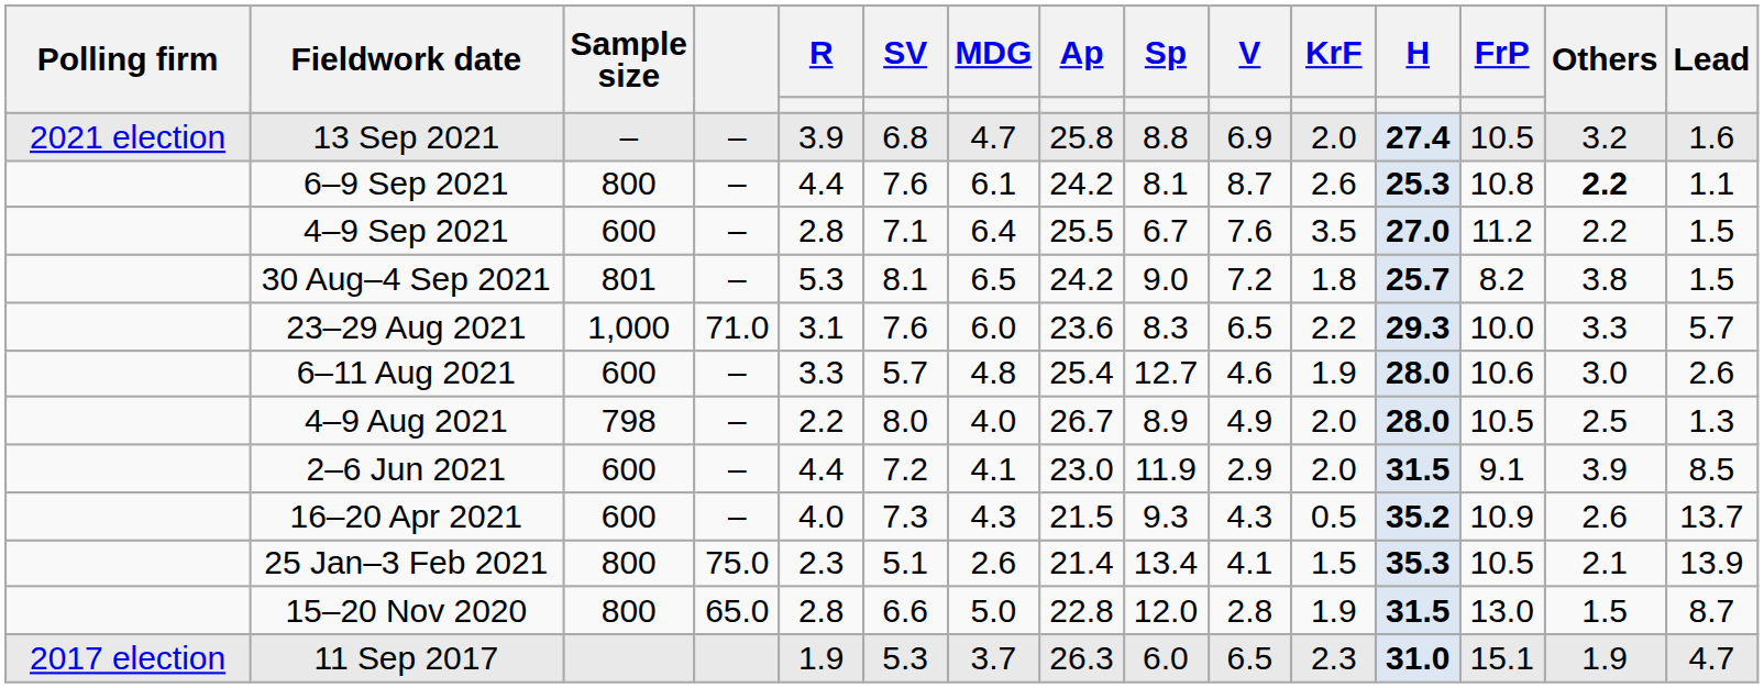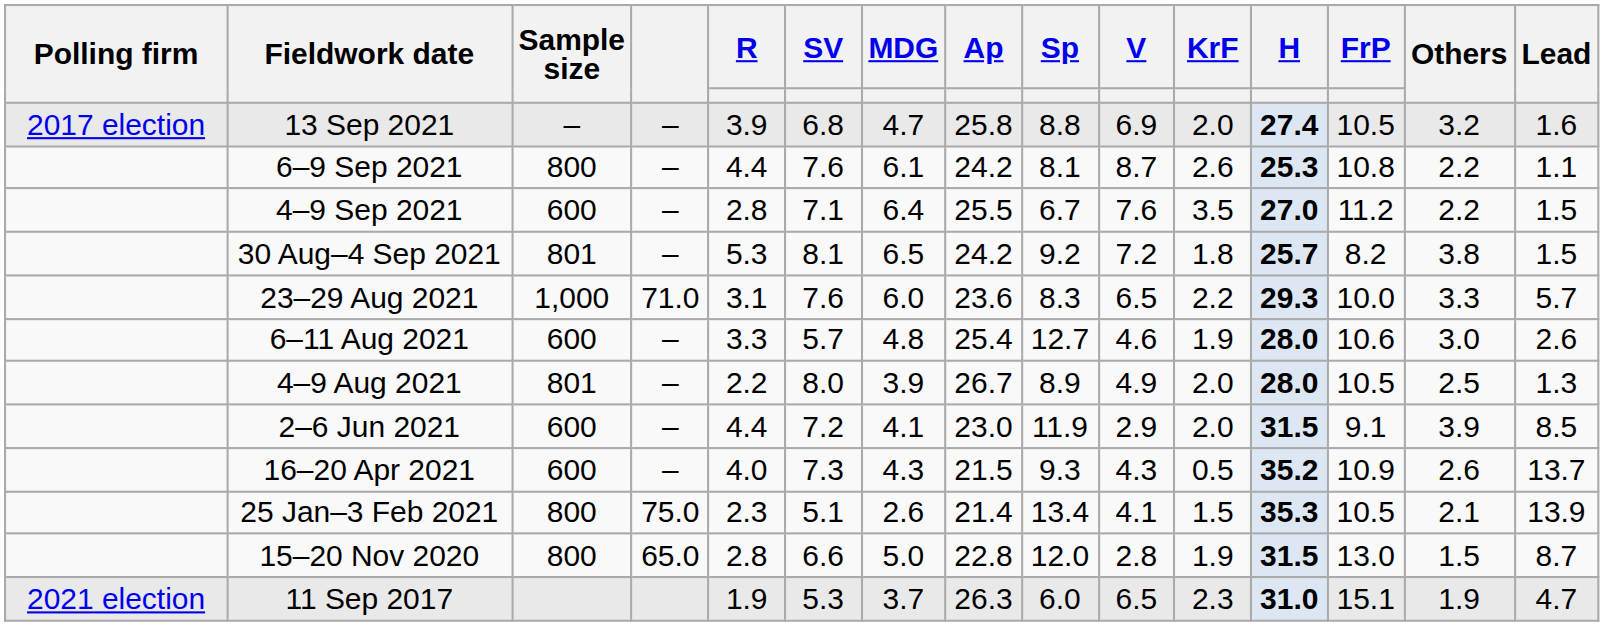 <table class="wikitable mw-collapsible sortable" style="text-align:center;font-size:90%;line-height:14px;">
 <tr style="height:40px;">
 <th rowspan="2" style="width:100px;">Polling firm</th>
 <th rowspan="2" style="width:130px;">Fieldwork date</th>
 <th rowspan="2" style="width:35px;">Sample<br>size</th>
 <th rowspan="2" style="width:30px;"></th>
 <th class="unsortable" style="width:30px;"><a href='#'>R</a></th>
 <th class="unsortable" style="width:30px;"><a href='#'>SV</a></th>
 <th class="unsortable" style="width:30px;"><a href='#'>MDG</a></th>
 <th class="unsortable" style="width:30px;"><a href='#'>Ap</a></th>
 <th class="unsortable" style="width:30px;"><a href='#'>Sp</a></th>
 <th class="unsortable" style="width:30px;"><a href='#'>V</a></th>
 <th class="unsortable" style="width:30px;"><a href='#'>KrF</a></th>
 <th class="unsortable" style="width:30px;"><a href='#'>H</a></th>
 <th class="unsortable" style="width:30px;"><a href='#'>FrP</a></th>
 <th class="unsortable" style="width:20px;" rowspan="2">Others</th>
 <th rowspan="2" style="width:30px;">Lead</th>
 </tr>
 <tr>
 <th style="background:"></th>
 <th style="background:"></th>
 <th style="background:"></th>
 <th style="background:"></th>
 <th style="background:"></th>
 <th style="background:"></th>
 <th style="background:"></th>
 <th style="background:"></th>
 <th style="background:"></th>
 </tr>
 <tr style="background:#E9E9E9;">
-<td><a href='#'>2021 election</a></td>
+<td><a href='#'>2017 election</a></td>
 <td data-sort-value="2021-09-13">13 Sep 2021</td>
 <td>–</td>
 <td>–</td>
 <td>3.9</td>
 <td>6.8</td>
 <td>4.7</td>
 <td>25.8</td>
 <td>8.8</td>
 <td>6.9</td>
 <td>2.0</td>
 <td style="background:#DCE7F3;"><strong>27.4</strong></td>
 <td>10.5</td>
 <td>3.2</td>
 <td style="background:">1.6</td>
 </tr>
 <tr>
 <td></td>
 <td data-sort-value="2021-09-09">6–9 Sep 2021</td>
 <td>800</td>
 <td>–</td>
 <td>4.4</td>
 <td>7.6</td>
 <td>6.1</td>
 <td>24.2</td>
 <td>8.1</td>
 <td>8.7</td>
 <td>2.6</td>
 <td style="background:#DCE7F3;"><strong>25.3</strong></td>
 <td>10.8</td>
-<td><strong>2.2</strong></td>
+<td>2.2</td>
 <td style="background:">1.1</td>
 </tr>
 <tr>
 <td></td>
 <td data-sort-value="2021-09-09">4–9 Sep 2021</td>
 <td>600</td>
 <td>–</td>
 <td>2.8</td>
 <td>7.1</td>
 <td>6.4</td>
 <td>25.5</td>
 <td>6.7</td>
 <td>7.6</td>
 <td>3.5</td>
 <td style="background:#DCE7F3;"><strong>27.0</strong></td>
 <td>11.2</td>
 <td>2.2</td>
 <td style="background:">1.5</td>
 </tr>
 <tr>
 <td></td>
 <td data-sort-value="2021-09-04">30 Aug–4 Sep 2021</td>
 <td>801</td>
 <td>–</td>
 <td>5.3</td>
 <td>8.1</td>
 <td>6.5</td>
 <td>24.2</td>
-<td>9.0</td>
+<td>9.2</td>
 <td>7.2</td>
 <td>1.8</td>
 <td style="background:#DCE7F3;"><strong>25.7</strong></td>
 <td>8.2</td>
 <td>3.8</td>
 <td style="background:">1.5</td>
 </tr>
 <tr>
 <td></td>
 <td data-sort-value="2021-08-29">23–29 Aug 2021</td>
 <td>1,000</td>
 <td>71.0</td>
 <td>3.1</td>
 <td>7.6</td>
 <td>6.0</td>
 <td>23.6</td>
 <td>8.3</td>
 <td>6.5</td>
 <td>2.2</td>
 <td style="background:#DCE7F3;"><strong>29.3</strong></td>
 <td>10.0</td>
 <td>3.3</td>
 <td style="background:">5.7</td>
 </tr>
 <tr>
 <td></td>
 <td data-sort-value="2021-08-11">6–11 Aug 2021</td>
 <td>600</td>
 <td>–</td>
 <td>3.3</td>
 <td>5.7</td>
 <td>4.8</td>
 <td>25.4</td>
 <td>12.7</td>
 <td>4.6</td>
 <td>1.9</td>
 <td style="background:#DCE7F3;"><strong>28.0</strong></td>
 <td>10.6</td>
 <td>3.0</td>
 <td style="background:">2.6</td>
 </tr>
 <tr>
 <td></td>
 <td data-sort-value="2021-08-09">4–9 Aug 2021</td>
-<td>798</td>
+<td>801</td>
 <td>–</td>
 <td>2.2</td>
 <td>8.0</td>
-<td>4.0</td>
+<td>3.9</td>
 <td>26.7</td>
 <td>8.9</td>
 <td>4.9</td>
 <td>2.0</td>
 <td style="background:#DCE7F3;"><strong>28.0</strong></td>
 <td>10.5</td>
 <td>2.5</td>
 <td style="background:">1.3</td>
 </tr>
 <tr>
 <td></td>
 <td data-sort-value="2021-06-06">2–6 Jun 2021</td>
 <td>600</td>
 <td>–</td>
 <td>4.4</td>
 <td>7.2</td>
 <td>4.1</td>
 <td>23.0</td>
 <td>11.9</td>
 <td>2.9</td>
 <td>2.0</td>
 <td style="background:#DCE7F3;"><strong>31.5</strong></td>
 <td>9.1</td>
 <td>3.9</td>
 <td style="background:">8.5</td>
 </tr>
 <tr>
 <td></td>
 <td>16–20 Apr 2021</td>
 <td>600</td>
 <td>–</td>
 <td>4.0</td>
 <td>7.3</td>
 <td>4.3</td>
 <td>21.5</td>
 <td>9.3</td>
 <td>4.3</td>
 <td>0.5</td>
 <td style="background:#DCE7F3;"><strong>35.2</strong></td>
 <td>10.9</td>
 <td>2.6</td>
 <td style="background:">13.7</td>
 </tr>
 <tr>
 <td></td>
 <td data-sort-value="2021-02-03">25 Jan–3 Feb 2021</td>
 <td>800</td>
 <td>75.0</td>
 <td>2.3</td>
 <td>5.1</td>
 <td>2.6</td>
 <td>21.4</td>
 <td>13.4</td>
 <td>4.1</td>
 <td>1.5</td>
 <td style="background:#DCE7F3;"><strong>35.3</strong></td>
 <td>10.5</td>
 <td>2.1</td>
 <td style="background:">13.9</td>
 </tr>
 <tr>
 <td></td>
 <td data-sort-value="2020-11-20">15–20 Nov 2020</td>
 <td>800</td>
 <td>65.0</td>
 <td>2.8</td>
 <td>6.6</td>
 <td>5.0</td>
 <td>22.8</td>
 <td>12.0</td>
 <td>2.8</td>
 <td>1.9</td>
 <td style="background:#DCE7F3;"><strong>31.5</strong></td>
 <td>13.0</td>
 <td>1.5</td>
 <td style="background:">8.7</td>
 </tr>
 <tr style="background:#E9E9E9;">
-<td><a href='#'>2017 election</a></td>
+<td><a href='#'>2021 election</a></td>
 <td data-sort-value="2017-09-11">11 Sep 2017</td>
 <td></td>
 <td></td>
 <td>1.9</td>
 <td>5.3</td>
 <td>3.7</td>
 <td>26.3</td>
 <td>6.0</td>
 <td>6.5</td>
 <td>2.3</td>
 <td style="background:#DCE7F3;"><strong>31.0</strong></td>
 <td>15.1</td>
 <td>1.9</td>
 <td style="background:">4.7</td>
 </tr>
 </table>
